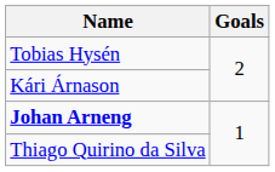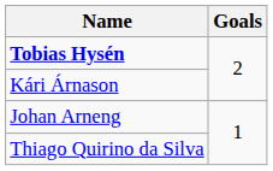 <table class="wikitable">
 <tr>
 <th>Name</th>
 <th>Goals</th>
 </tr>
 <tr>
-<td> <a href='#'>Tobias Hysén</a></td>
+<td><strong> <a href='#'>Tobias Hysén</a></strong></td>
 <td rowspan="2" style="text-align:center;">2</td>
 </tr>
 <tr>
 <td> <a href='#'>Kári Árnason</a></td>
 </tr>
 <tr>
-<td><strong> <a href='#'>Johan Arneng</a></strong></td>
+<td> <a href='#'>Johan Arneng</a></td>
 <td rowspan="2" style="text-align:center;">1</td>
 </tr>
 <tr>
 <td> <a href='#'>Thiago Quirino da Silva</a></td>
 </tr>
 </table>
